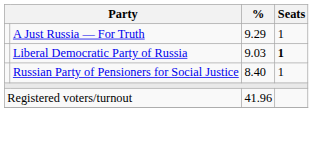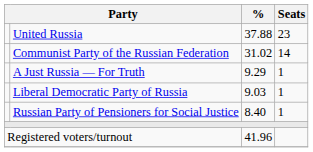 <table class="wikitable">
 <tr>
 <th colspan=2>Party</th>
 <th>%</th>
 <th>Seats</th>
+</tr>
+<tr>
+<td style="background:"></td>
+<td><a href='#'>United Russia</a></td>
+<td>37.88</td>
+<td>23</td>
+</tr>
+<tr>
+<td style="background:"></td>
+<td><a href='#'>Communist Party of the Russian Federation</a></td>
+<td>31.02</td>
+<td>14</td>
 </tr>
 <tr>
 <td style="background:"></td>
 <td><a href='#'>A Just Russia — For Truth</a></td>
 <td>9.29</td>
 <td>1</td>
 </tr>
 <tr>
 <td style="background:"></td>
 <td><a href='#'>Liberal Democratic Party of Russia</a></td>
 <td>9.03</td>
-<td><strong>1</strong></td>
+<td>1</td>
 </tr>
 <tr>
 <td style="background:"></td>
 <td><a href='#'>Russian Party of Pensioners for Social Justice</a></td>
 <td>8.40</td>
 <td>1</td>
 </tr>
 <tr>
 <td colspan=4 style="background:#E9E9E9;"></td>
 </tr>
 <tr>
 <td align=left colspan=2>Registered voters/turnout</td>
 <td>41.96</td>
 <td></td>
 </tr>
 <tr>
 </tr>
 </table>
